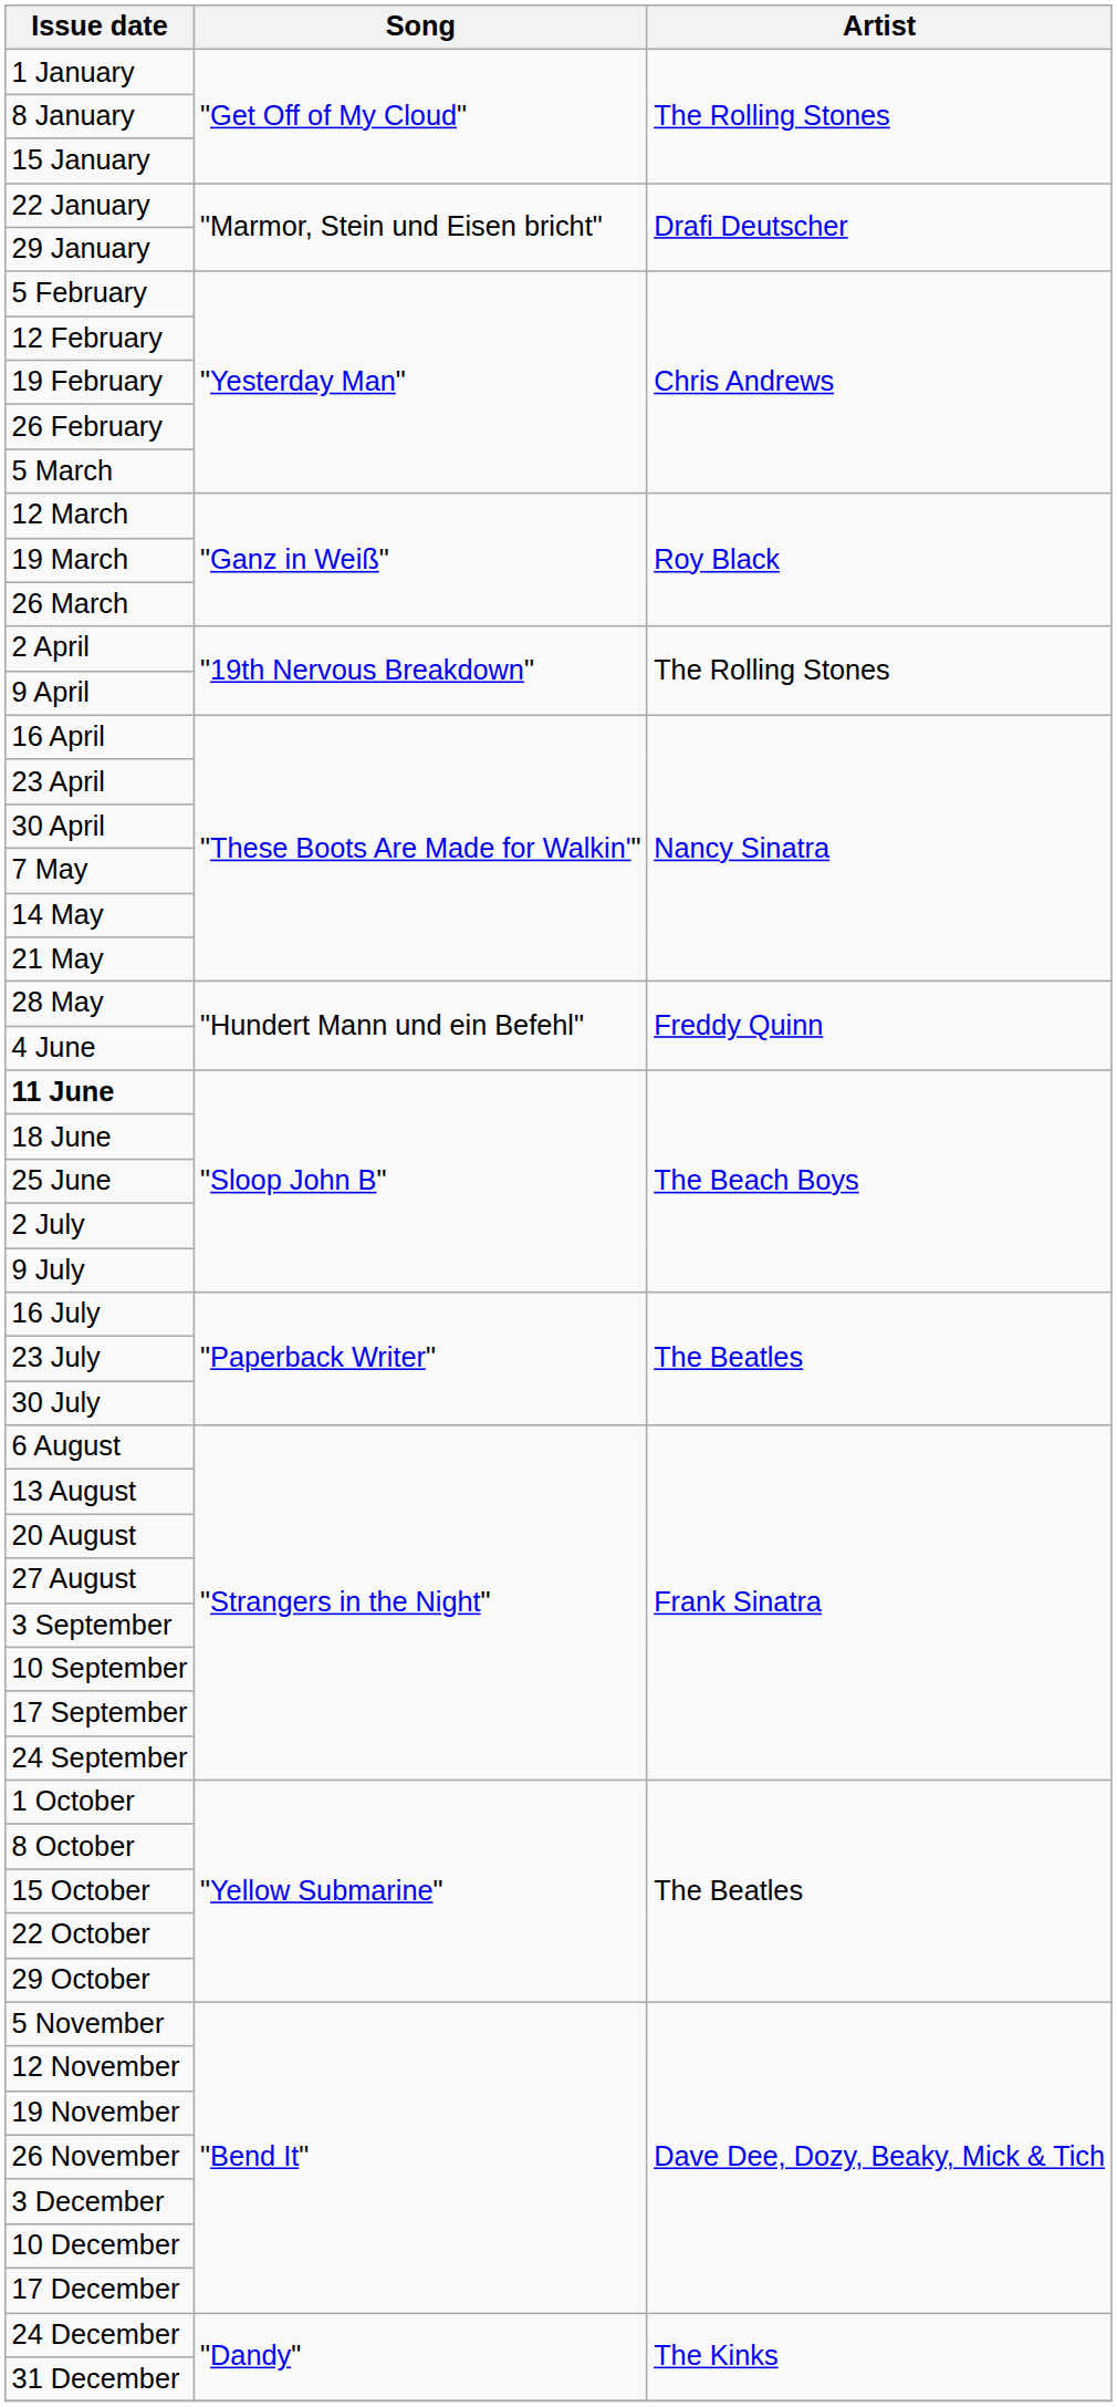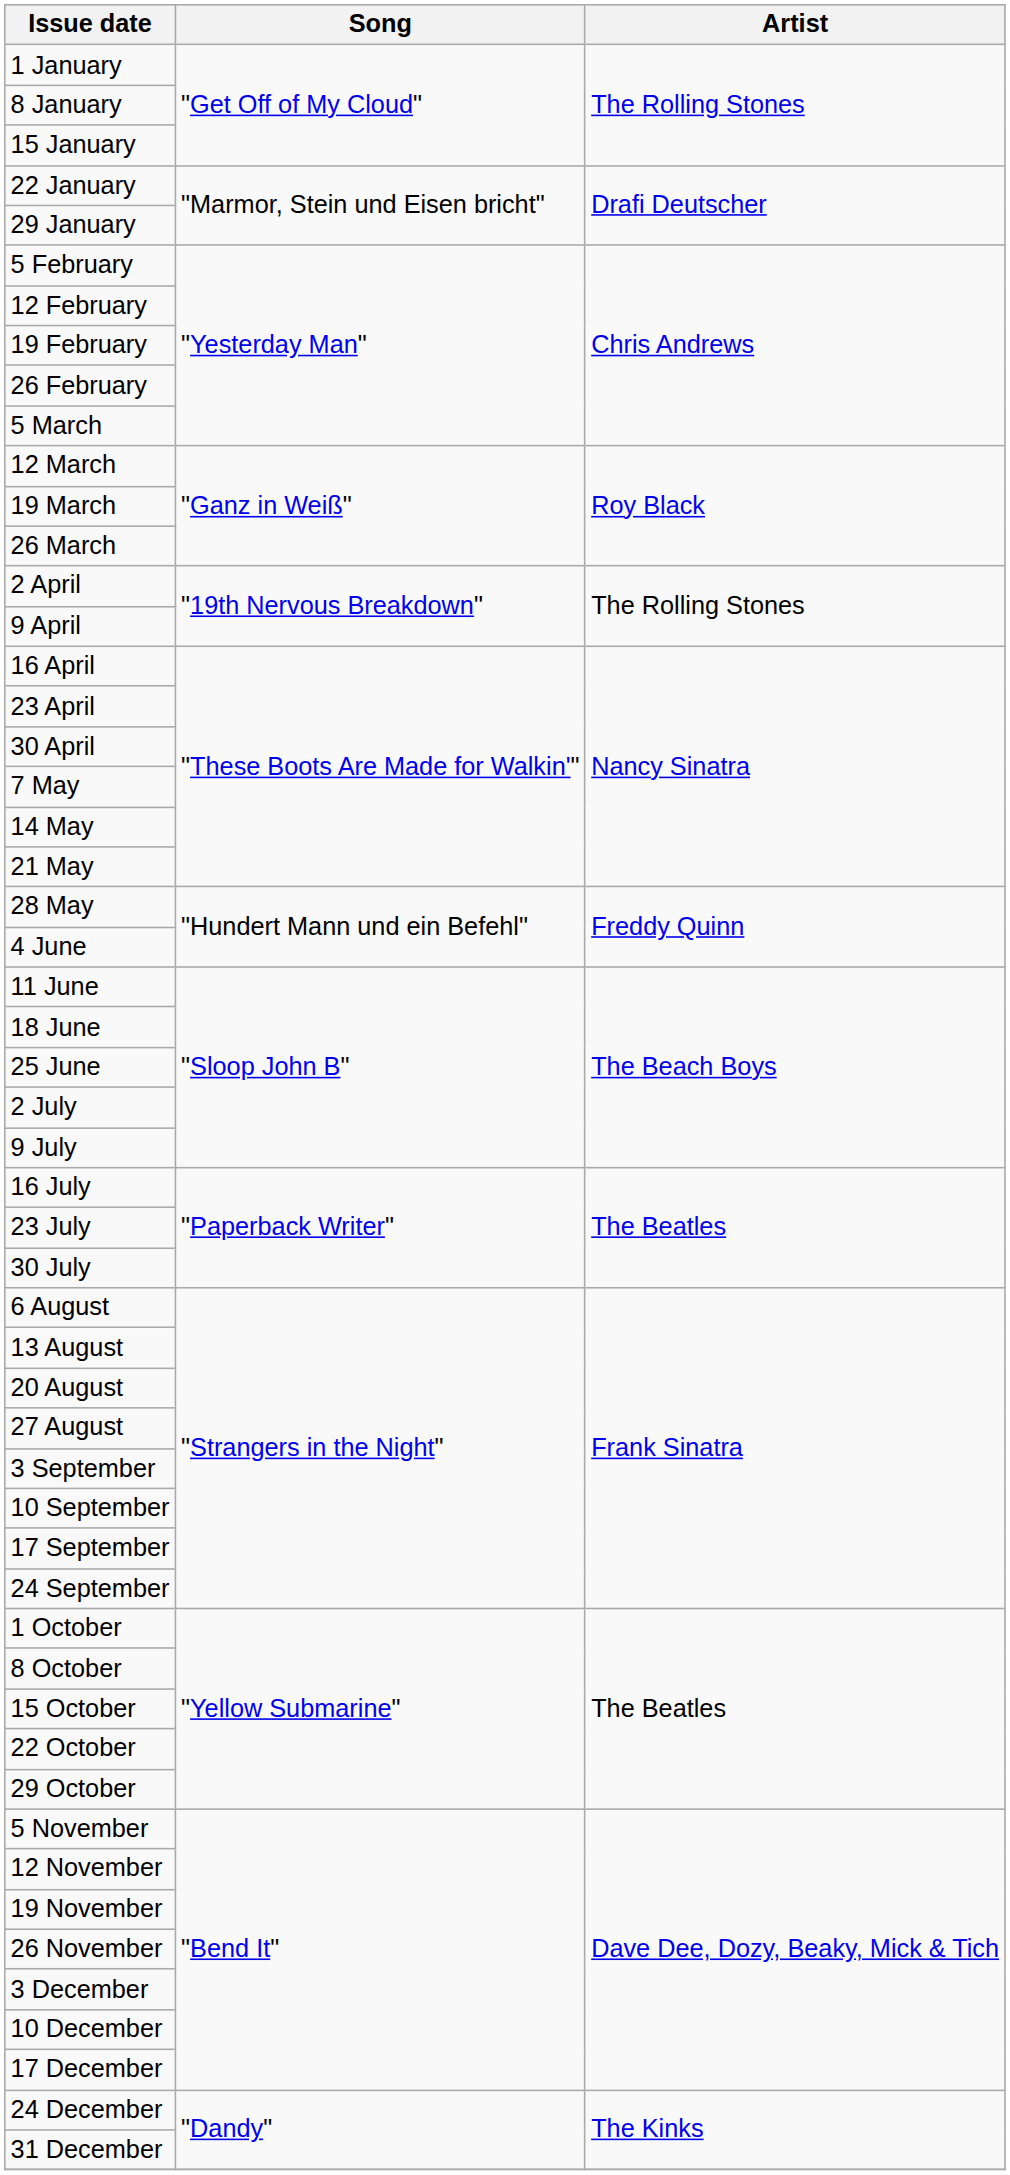 <table class="sortable wikitable">
 <tr>
 <th>Issue date</th>
 <th>Song</th>
 <th>Artist</th>
 </tr>
 <tr>
 <td>1 January</td>
 <td rowspan="3">"<a href='#'>Get Off of My Cloud</a>"</td>
 <td rowspan="3"><a href='#'>The Rolling Stones</a></td>
 </tr>
 <tr>
 <td>8 January</td>
 </tr>
 <tr>
 <td>15 January</td>
 </tr>
 <tr>
 <td>22 January</td>
 <td rowspan="2">"Marmor, Stein und Eisen bricht"</td>
 <td rowspan="2"><a href='#'>Drafi Deutscher</a></td>
 </tr>
 <tr>
 <td>29 January</td>
 </tr>
 <tr>
 <td>5 February</td>
 <td rowspan="5">"<a href='#'>Yesterday Man</a>"</td>
 <td rowspan="5"><a href='#'>Chris Andrews</a></td>
 </tr>
 <tr>
 <td>12 February</td>
 </tr>
 <tr>
 <td>19 February</td>
 </tr>
 <tr>
 <td>26 February</td>
 </tr>
 <tr>
 <td>5 March</td>
 </tr>
 <tr>
 <td>12 March</td>
 <td rowspan="3">"<a href='#'>Ganz in Weiß</a>"</td>
 <td rowspan="3"><a href='#'>Roy Black</a></td>
 </tr>
 <tr>
 <td>19 March</td>
 </tr>
 <tr>
 <td>26 March</td>
 </tr>
 <tr>
 <td>2 April</td>
 <td rowspan="2">"<a href='#'>19th Nervous Breakdown</a>"</td>
 <td rowspan="2">The Rolling Stones</td>
 </tr>
 <tr>
 <td>9 April</td>
 </tr>
 <tr>
 <td>16 April</td>
 <td rowspan="6">"<a href='#'>These Boots Are Made for Walkin'</a>"</td>
 <td rowspan="6"><a href='#'>Nancy Sinatra</a></td>
 </tr>
 <tr>
 <td>23 April</td>
 </tr>
 <tr>
 <td>30 April</td>
 </tr>
 <tr>
 <td>7 May</td>
 </tr>
 <tr>
 <td>14 May</td>
 </tr>
 <tr>
 <td>21 May</td>
 </tr>
 <tr>
 <td>28 May</td>
 <td rowspan="2">"Hundert Mann und ein Befehl"</td>
 <td rowspan="2"><a href='#'>Freddy Quinn</a></td>
 </tr>
 <tr>
 <td>4 June</td>
 </tr>
 <tr>
-<td><strong>11 June</strong></td>
+<td>11 June</td>
 <td rowspan="5">"<a href='#'>Sloop John B</a>"</td>
 <td rowspan="5"><a href='#'>The Beach Boys</a></td>
 </tr>
 <tr>
 <td>18 June</td>
 </tr>
 <tr>
 <td>25 June</td>
 </tr>
 <tr>
 <td>2 July</td>
 </tr>
 <tr>
 <td>9 July</td>
 </tr>
 <tr>
 <td>16 July</td>
 <td rowspan="3">"<a href='#'>Paperback Writer</a>"</td>
 <td rowspan="3"><a href='#'>The Beatles</a></td>
 </tr>
 <tr>
 <td>23 July</td>
 </tr>
 <tr>
 <td>30 July</td>
 </tr>
 <tr>
 <td>6 August</td>
 <td rowspan="8">"<a href='#'>Strangers in the Night</a>"</td>
 <td rowspan="8"><a href='#'>Frank Sinatra</a></td>
 </tr>
 <tr>
 <td>13 August</td>
 </tr>
 <tr>
 <td>20 August</td>
 </tr>
 <tr>
 <td>27 August</td>
 </tr>
 <tr>
 <td>3 September</td>
 </tr>
 <tr>
 <td>10 September</td>
 </tr>
 <tr>
 <td>17 September</td>
 </tr>
 <tr>
 <td>24 September</td>
 </tr>
 <tr>
 <td>1 October</td>
 <td rowspan="5">"<a href='#'>Yellow Submarine</a>"</td>
 <td rowspan="5">The Beatles</td>
 </tr>
 <tr>
 <td>8 October</td>
 </tr>
 <tr>
 <td>15 October</td>
 </tr>
 <tr>
 <td>22 October</td>
 </tr>
 <tr>
 <td>29 October</td>
 </tr>
 <tr>
 <td>5 November</td>
 <td rowspan="7">"<a href='#'>Bend It</a>"</td>
 <td rowspan="7"><a href='#'>Dave Dee, Dozy, Beaky, Mick & Tich</a></td>
 </tr>
 <tr>
 <td>12 November</td>
 </tr>
 <tr>
 <td>19 November</td>
 </tr>
 <tr>
 <td>26 November</td>
 </tr>
 <tr>
 <td>3 December</td>
 </tr>
 <tr>
 <td>10 December</td>
 </tr>
 <tr>
 <td>17 December</td>
 </tr>
 <tr>
 <td>24 December</td>
 <td rowspan="2">"<a href='#'>Dandy</a>"</td>
 <td rowspan="2"><a href='#'>The Kinks</a></td>
 </tr>
 <tr>
 <td>31 December</td>
 </tr>
 <tr>
 </tr>
 </table>
